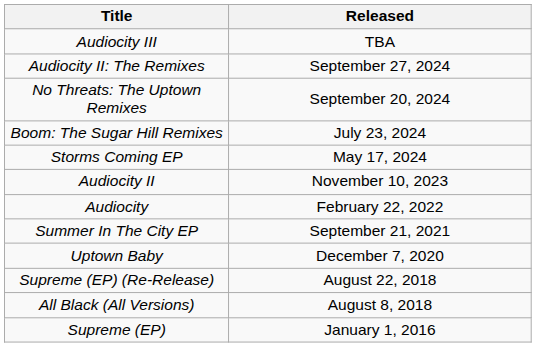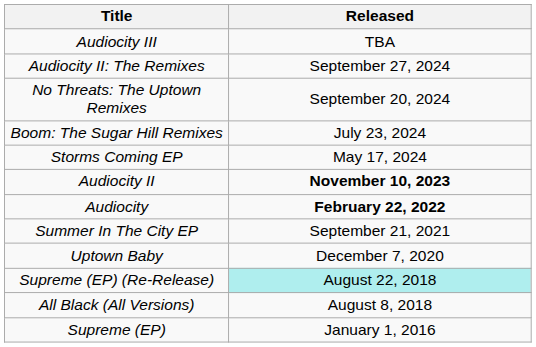 <table class="wikitable plainrowheaders" style="text-align:center;">
 <tr>
 <th scope="col" style="width:14em;">Title</th>
 <th scope="col" style="width:19em;">Released</th>
 </tr>
 <tr>
 <td><em>Audiocity III</em></td>
 <td>TBA</td>
 </tr>
 <tr>
 <td><em>Audiocity II: The Remixes</em></td>
 <td>September 27, 2024</td>
 </tr>
 <tr>
 <td><em>No Threats: The Uptown Remixes</em></td>
 <td>September 20, 2024</td>
 </tr>
 <tr>
 <td><em>Boom: The Sugar Hill Remixes</em></td>
 <td>July 23, 2024</td>
 </tr>
 <tr>
 <td><em>Storms Coming EP</em></td>
 <td>May 17, 2024</td>
 </tr>
 <tr>
 <td><em>Audiocity II</em></td>
-<td>November 10, 2023</td>
+<td><strong>November 10, 2023</strong></td>
 </tr>
 <tr>
 <td><em>Audiocity</em></td>
-<td>February 22, 2022</td>
+<td><strong>February 22, 2022</strong></td>
 </tr>
 <tr>
 <td><em>Summer In The City EP</em></td>
 <td>September 21, 2021</td>
 </tr>
 <tr>
 <td><em>Uptown Baby</em></td>
 <td>December 7, 2020</td>
 </tr>
 <tr>
 <td><em>Supreme (EP) (Re-Release)</em></td>
-<td>August 22, 2018</td>
+<td style="background: paleturquoise;">August 22, 2018</td>
 </tr>
 <tr>
 <td><em>All Black (All Versions)</em></td>
 <td>August 8, 2018</td>
 </tr>
 <tr>
 <td><em>Supreme (EP)</em></td>
 <td>January 1, 2016</td>
 </tr>
 </table>
